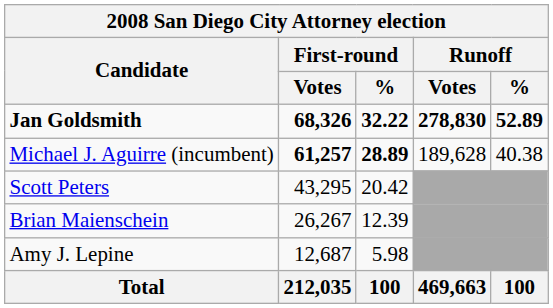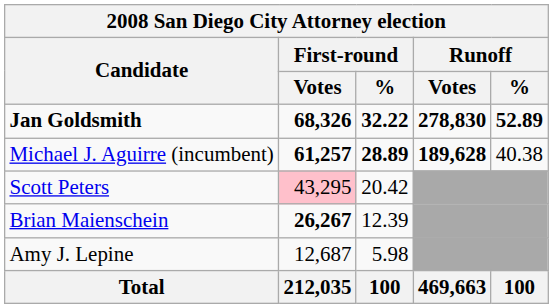 <table class=wikitable>
 <tr>
 <th colspan=5>2008 San Diego City Attorney election</th>
 </tr>
 <tr>
 <th colspan=1 rowspan=2>Candidate</th>
 <th colspan=2><strong>First-round</strong></th>
 <th colspan=2><strong>Runoff</strong></th>
 </tr>
 <tr>
 <th>Votes</th>
 <th>%</th>
 <th>Votes</th>
 <th>%</th>
 </tr>
 <tr>
 <td><strong>Jan Goldsmith</strong></td>
 <td align="right"><strong>68,326</strong></td>
 <td align="right"><strong>32.22</strong></td>
 <td align="right"><strong>278,830</strong></td>
 <td align="right"><strong>52.89</strong></td>
 </tr>
 <tr>
 <td><a href='#'>Michael J. Aguirre</a> (incumbent)</td>
 <td align="right"><strong>61,257</strong></td>
 <td align="right"><strong>28.89</strong></td>
-<td align="right">189,628</td>
+<td align="right"><strong>189,628</strong></td>
 <td align="right">40.38</td>
 </tr>
 <tr>
 <td><a href='#'>Scott Peters</a></td>
-<td align="right">43,295</td>
+<td align="right" style="background: pink;">43,295</td>
 <td align="right">20.42</td>
 <td colspan=2 bgcolor=darkgray></td>
 </tr>
 <tr>
 <td><a href='#'>Brian Maienschein</a></td>
-<td align="right">26,267</td>
+<td align="right"><strong>26,267</strong></td>
 <td align="right">12.39</td>
 <td colspan=2 bgcolor=darkgray></td>
 </tr>
 <tr>
 <td>Amy J. Lepine</td>
 <td align="right">12,687</td>
 <td align="right">5.98</td>
 <td colspan=2 bgcolor=darkgray></td>
 </tr>
 <tr>
 <th>Total</th>
 <th>212,035</th>
 <th>100</th>
 <th>469,663</th>
 <th>100</th>
 </tr>
 </table>
